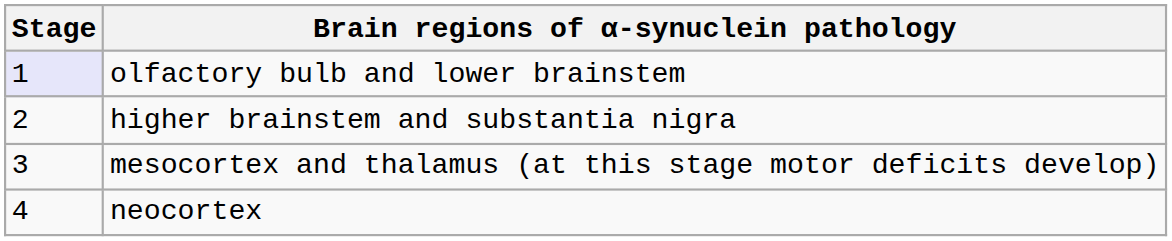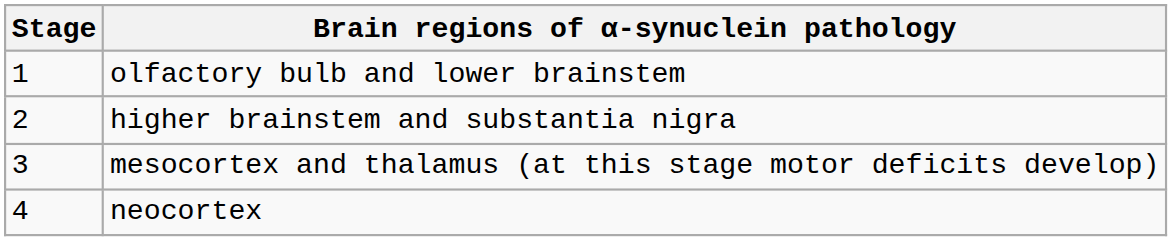 <table class="wikitable">
 <tr>
 <th>Stage</th>
 <th>Brain regions of α-synuclein pathology</th>
 </tr>
 <tr>
-<td style="background: lavender;">1</td>
+<td>1</td>
 <td>olfactory bulb and lower brainstem</td>
 </tr>
 <tr>
 <td>2</td>
 <td>higher brainstem and substantia nigra</td>
 </tr>
 <tr>
 <td>3</td>
 <td>mesocortex and thalamus (at this stage motor deficits develop)</td>
 </tr>
 <tr>
 <td>4</td>
 <td>neocortex</td>
 </tr>
 </table>
